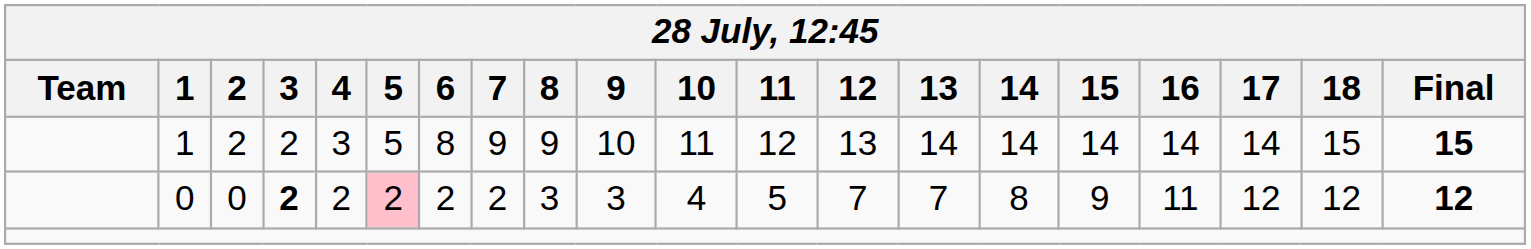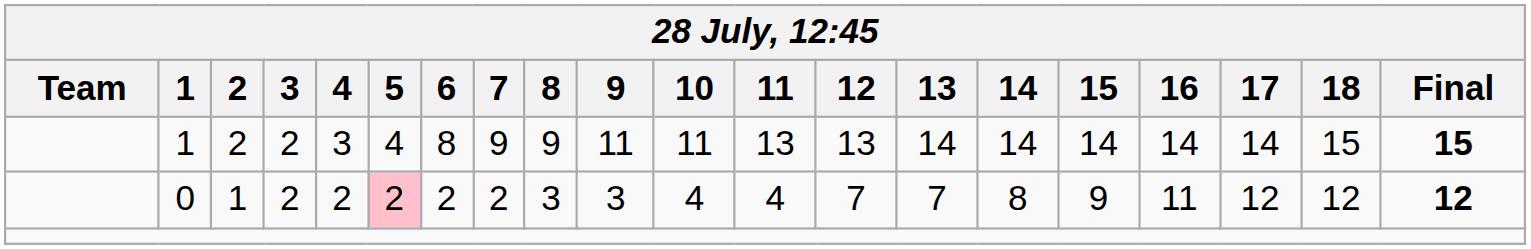 <table class=wikitable style="text-align:center; width: 55%">
 <tr>
 <th colspan=20><em>28 July, 12:45</em></th>
 </tr>
 <tr>
 <th>Team</th>
 <th>1</th>
 <th>2</th>
 <th>3</th>
 <th>4</th>
 <th>5</th>
 <th>6</th>
 <th>7</th>
 <th>8</th>
 <th>9</th>
 <th>10</th>
 <th>11</th>
 <th>12</th>
 <th>13</th>
 <th>14</th>
 <th>15</th>
 <th>16</th>
 <th>17</th>
 <th>18</th>
 <th>Final</th>
 </tr>
 <tr>
 <td align=left><strong></strong></td>
 <td>1</td>
 <td>2</td>
 <td>2</td>
 <td>3</td>
-<td>5</td>
+<td>4</td>
 <td>8</td>
 <td>9</td>
 <td>9</td>
-<td>10</td>
 <td>11</td>
-<td>12</td>
+<td>11</td>
+<td>13</td>
 <td>13</td>
 <td>14</td>
 <td>14</td>
 <td>14</td>
 <td>14</td>
 <td>14</td>
 <td>15</td>
 <td><strong>15</strong></td>
 </tr>
 <tr>
 <td align=left></td>
 <td>0</td>
-<td>0</td>
-<td><strong>2</strong></td>
+<td>1</td>
+<td>2</td>
 <td>2</td>
 <td style="background: pink;">2</td>
 <td>2</td>
 <td>2</td>
 <td>3</td>
 <td>3</td>
 <td>4</td>
-<td>5</td>
+<td>4</td>
 <td>7</td>
 <td>7</td>
 <td>8</td>
 <td>9</td>
 <td>11</td>
 <td>12</td>
 <td>12</td>
 <td><strong>12</strong></td>
 </tr>
 <tr>
 <td colspan=20></td>
 </tr>
 </table>
